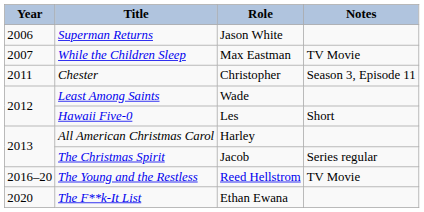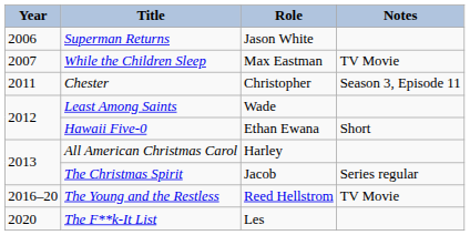 <table class="wikitable sortable">
 <tr>
 <th style="background:#B0C4DE;text-align:center;">Year</th>
 <th style="background:#B0C4DE;text-align:center;">Title</th>
 <th style="background:#B0C4DE;text-align:center;">Role</th>
 <th class="unsortable" style="background:#B0C4DE;text-align:center;">Notes</th>
 </tr>
 <tr>
 <td>2006</td>
 <td><em><a href='#'>Superman Returns</a></em></td>
 <td>Jason White</td>
 <td></td>
 </tr>
 <tr>
 <td>2007</td>
 <td><em><a href='#'>While the Children Sleep</a></em></td>
 <td>Max Eastman</td>
 <td>TV Movie</td>
 </tr>
 <tr>
 <td>2011</td>
 <td><em>Chester</em></td>
 <td>Christopher</td>
 <td>Season 3, Episode 11</td>
 </tr>
 <tr>
 <td rowspan="2">2012</td>
 <td><em><a href='#'>Least Among Saints</a></em></td>
 <td>Wade</td>
 <td></td>
 </tr>
 <tr>
 <td><em><a href='#'>Hawaii Five-0</a></em></td>
-<td>Les</td>
+<td>Ethan Ewana</td>
 <td>Short</td>
 </tr>
 <tr>
 <td rowspan="2">2013</td>
 <td><em>All American Christmas Carol</em></td>
 <td>Harley</td>
 <td></td>
 </tr>
 <tr>
 <td><em><a href='#'>The Christmas Spirit</a></em></td>
 <td>Jacob</td>
 <td>Series regular</td>
 </tr>
 <tr>
 <td>2016–20</td>
 <td><em><a href='#'>The Young and the Restless</a></em></td>
 <td><a href='#'>Reed Hellstrom</a></td>
 <td>TV Movie</td>
 </tr>
 <tr>
 <td>2020</td>
 <td><em><a href='#'>The F**k-It List</a></em></td>
-<td>Ethan Ewana</td>
+<td>Les</td>
 <td></td>
 </tr>
 </table>
